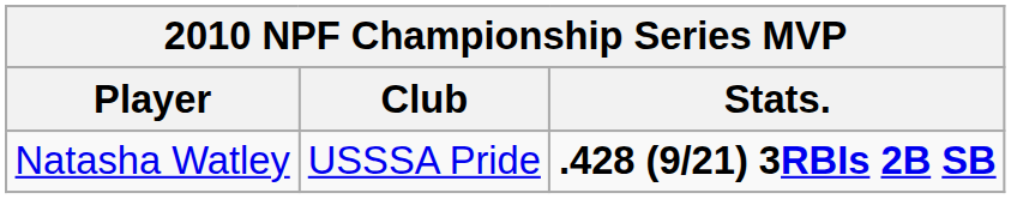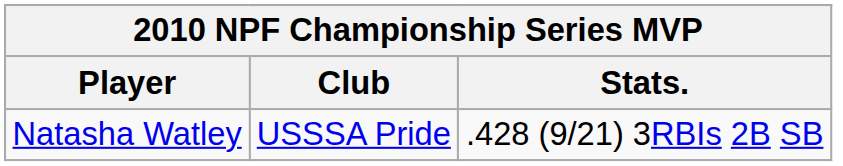 <table class="wikitable">
 <tr>
 <th colspan=3>2010 NPF Championship Series MVP</th>
 </tr>
 <tr>
 <th>Player</th>
 <th>Club</th>
 <th>Stats.</th>
 </tr>
 <tr>
 <td><a href='#'>Natasha Watley</a></td>
 <td><a href='#'>USSSA Pride</a></td>
-<td><strong>.428 (9/21) 3<a href='#'>RBIs</a> <a href='#'>2B</a> <a href='#'>SB</a></strong></td>
+<td>.428 (9/21) 3<a href='#'>RBIs</a> <a href='#'>2B</a> <a href='#'>SB</a></td>
 </tr>
 </table>
